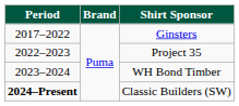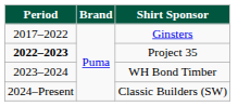 <table class="wikitable" style="text-align: center">
 <tr>
 <th style="background-color:#00563F; color:white; border:1px solid silver;" scope="col">Period</th>
 <th style="background-color:#00563F; color:white; border:1px solid silver;" scope="col">Brand</th>
 <th style="background-color:#00563F; color:white; border:1px solid silver;" scope="col">Shirt Sponsor</th>
 </tr>
 <tr>
 <td>2017–2022</td>
 <td rowspan=4><a href='#'>Puma</a></td>
 <td rowspan=1><a href='#'>Ginsters</a></td>
 </tr>
 <tr>
-<td>2022–2023</td>
+<td><strong>2022–2023</strong></td>
 <td rowspan=1>Project 35</td>
 </tr>
 <tr>
 <td>2023–2024</td>
 <td rowspan=1>WH Bond Timber</td>
 </tr>
 <tr>
-<td><strong>2024–Present</strong></td>
+<td>2024–Present</td>
 <td rowspan=1>Classic Builders (SW)</td>
 </tr>
 </table>
